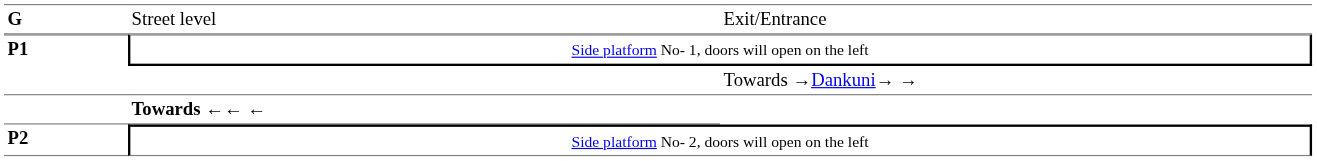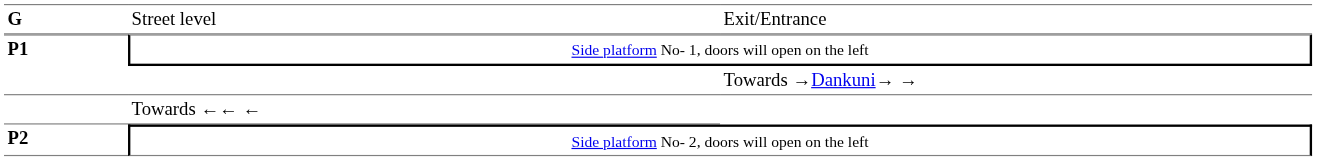 <table table border=0 cellspacing=0 cellpadding=3>
 <tr>
 <td style="width:50px; border-bottom:solid 1px gray; border-top:solid 1px gray; vertical-align:top;"><strong>G</strong></td>
 <td style="width:100px; border-top:solid 1px gray; border-bottom:solid 1px gray; vertical-align:top;">Street level</td>
 <td style="width:500px; border-top:solid 1px gray; border-bottom:solid 1px gray; vertical-align:top;">Exit/Entrance</td>
 </tr>
 <tr>
 <td rowspan="2" style="width:50px; border-top:solid 1px gray; border-bottom:solid 1px gray; vertical-align:top;"><strong>P1</strong></td>
 <td style="border-top:solid 1px gray;border-right:solid 2px black;border-left:solid 2px black;border-bottom:solid 2px black;text-align:center;" colspan=2><small><a href='#'>Side platform</a> No- 1, doors will open on the left </small></td>
 </tr>
 <tr>
 <td style="border-bottom:solid 1px gray; width:100px;"></td>
 <td style="border-bottom:solid 1px gray; width:500px;">Towards →<a href='#'>Dankuni</a>→ →</td>
 </tr>
 <tr>
 <td style="border-bottom:solid 1px gray; width:100px;"></td>
-<td style="border-bottom:solid 1px gray; width:500px;"><strong>Towards ←← ←</strong></td>
+<td style="border-bottom:solid 1px gray; width:500px;">Towards ←← ←</td>
 </tr>
 <tr>
 <td rowspan="2" style="width:50px; border-bottom:solid 1px gray; vertical-align:top;"><strong>P2</strong></td>
 <td style="border-top:solid 2px black;border-right:solid 2px black;border-left:solid 2px black;border-bottom:solid 1px gray;text-align:center;" colspan=2><small><a href='#'>Side platform</a> No- 2, doors will open on the left </small></td>
 </tr>
 </table>
